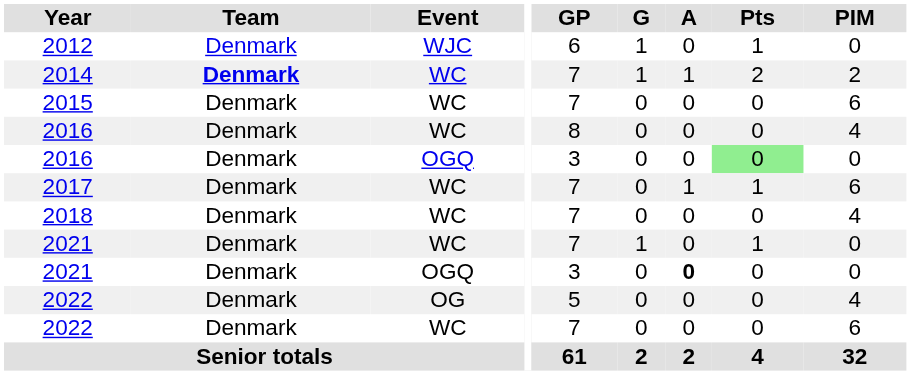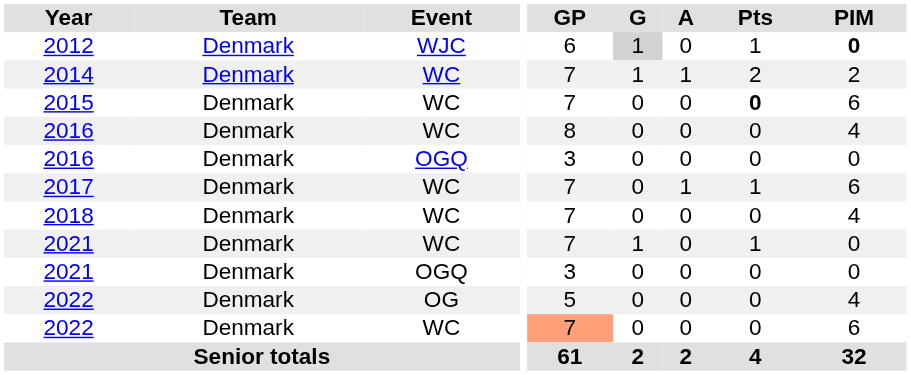 <table border="0" cellpadding="1" cellspacing="0" ID="Table3" style="text-align:center; width:40em">
 <tr ALIGN="center" bgcolor="#e0e0e0">
 <th>Year</th>
 <th>Team</th>
 <th>Event</th>
 <th rowspan="99" bgcolor="#ffffff"></th>
 <th>GP</th>
 <th>G</th>
 <th>A</th>
 <th>Pts</th>
 <th>PIM</th>
 </tr>
 <tr>
 <td><a href='#'>2012</a></td>
 <td><a href='#'>Denmark</a></td>
 <td><a href='#'>WJC</a></td>
 <td>6</td>
-<td>1</td>
+<td style="background: lightgrey;">1</td>
 <td>0</td>
 <td>1</td>
-<td>0</td>
+<td><strong>0</strong></td>
 </tr>
 <tr bgcolor="#f0f0f0">
 <td><a href='#'>2014</a></td>
-<td><strong><a href='#'>Denmark</a></strong></td>
+<td><a href='#'>Denmark</a></td>
 <td><a href='#'>WC</a></td>
 <td>7</td>
 <td>1</td>
 <td>1</td>
 <td>2</td>
 <td>2</td>
 </tr>
 <tr>
 <td><a href='#'>2015</a></td>
 <td>Denmark</td>
 <td>WC</td>
 <td>7</td>
 <td>0</td>
 <td>0</td>
-<td>0</td>
+<td><strong>0</strong></td>
 <td>6</td>
 </tr>
 <tr bgcolor="#f0f0f0">
 <td><a href='#'>2016</a></td>
 <td>Denmark</td>
 <td>WC</td>
 <td>8</td>
 <td>0</td>
 <td>0</td>
 <td>0</td>
 <td>4</td>
 </tr>
 <tr>
 <td><a href='#'>2016</a></td>
 <td>Denmark</td>
 <td><a href='#'>OGQ</a></td>
 <td>3</td>
 <td>0</td>
 <td>0</td>
-<td style="background: lightgreen;">0</td>
+<td>0</td>
 <td>0</td>
 </tr>
 <tr bgcolor="#f0f0f0">
 <td><a href='#'>2017</a></td>
 <td>Denmark</td>
 <td>WC</td>
 <td>7</td>
 <td>0</td>
 <td>1</td>
 <td>1</td>
 <td>6</td>
 </tr>
 <tr>
 <td><a href='#'>2018</a></td>
 <td>Denmark</td>
 <td>WC</td>
 <td>7</td>
 <td>0</td>
 <td>0</td>
 <td>0</td>
 <td>4</td>
 </tr>
 <tr bgcolor="#f0f0f0">
 <td><a href='#'>2021</a></td>
 <td>Denmark</td>
 <td>WC</td>
 <td>7</td>
 <td>1</td>
 <td>0</td>
 <td>1</td>
 <td>0</td>
 </tr>
 <tr>
 <td><a href='#'>2021</a></td>
 <td>Denmark</td>
 <td>OGQ</td>
 <td>3</td>
 <td>0</td>
-<td><strong>0</strong></td>
+<td>0</td>
 <td>0</td>
 <td>0</td>
 </tr>
 <tr bgcolor="#f0f0f0">
 <td><a href='#'>2022</a></td>
 <td>Denmark</td>
 <td>OG</td>
 <td>5</td>
 <td>0</td>
 <td>0</td>
 <td>0</td>
 <td>4</td>
 </tr>
 <tr>
 <td><a href='#'>2022</a></td>
 <td>Denmark</td>
 <td>WC</td>
-<td>7</td>
+<td style="background: lightsalmon;">7</td>
 <td>0</td>
 <td>0</td>
 <td>0</td>
 <td>6</td>
 </tr>
 <tr bgcolor="#e0e0e0">
 <th colspan="3">Senior totals</th>
 <th>61</th>
 <th>2</th>
 <th>2</th>
 <th>4</th>
 <th>32</th>
 </tr>
 </table>
